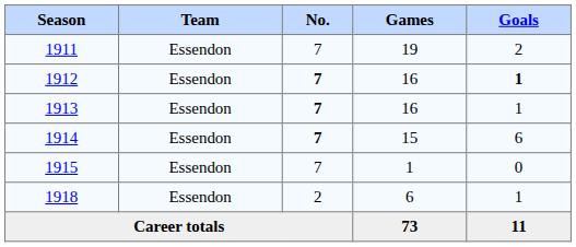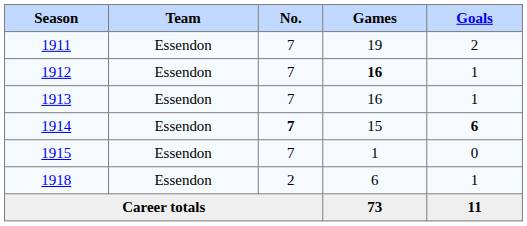 <table border="1" cellpadding="4" cellspacing="0" style="text-align:center; font-size:90%; border-collapse:collapse;" width=80%>
 <tr style="background:#C1D8FF;">
 <th width=3%>Season</th>
 <th width=5%>Team</th>
 <th width=2%>No.</th>
 <th width=3%>Games</th>
 <th width=3%><a href='#'>Goals</a></th>
 </tr>
 <tr style="background:#F5FAFF;">
 <td><a href='#'>1911</a></td>
 <td>Essendon</td>
 <td>7</td>
 <td>19</td>
 <td>2</td>
 </tr>
 <tr style="background:#F5FAFF;">
 <td><a href='#'>1912</a></td>
 <td>Essendon</td>
-<td><strong>7</strong></td>
-<td>16</td>
-<td><strong>1</strong></td>
+<td>7</td>
+<td><strong>16</strong></td>
+<td>1</td>
 </tr>
 <tr style="background:#F5FAFF;">
 <td><a href='#'>1913</a></td>
 <td>Essendon</td>
-<td><strong>7</strong></td>
+<td>7</td>
 <td>16</td>
 <td>1</td>
 </tr>
 <tr style="background:#F5FAFF;">
 <td><a href='#'>1914</a></td>
 <td>Essendon</td>
 <td><strong>7</strong></td>
 <td>15</td>
-<td>6</td>
+<td><strong>6</strong></td>
 </tr>
 <tr style="background:#F5FAFF;">
 <td><a href='#'>1915</a></td>
 <td>Essendon</td>
 <td>7</td>
 <td>1</td>
 <td>0</td>
 </tr>
 <tr style="background:#F5FAFF;">
 <td><a href='#'>1918</a></td>
 <td>Essendon</td>
 <td>2</td>
 <td>6</td>
 <td>1</td>
 </tr>
 <tr style="background:#EFEFEF;">
 <th colspan=3>Career totals</th>
 <td><strong>73</strong></td>
 <td><strong>11</strong></td>
 </tr>
 </table>
